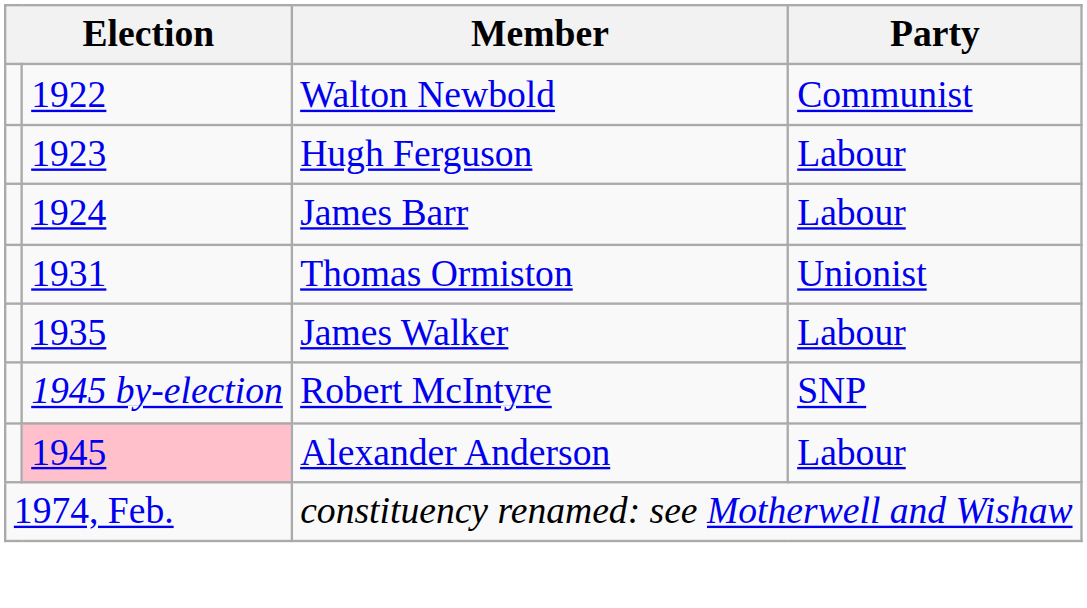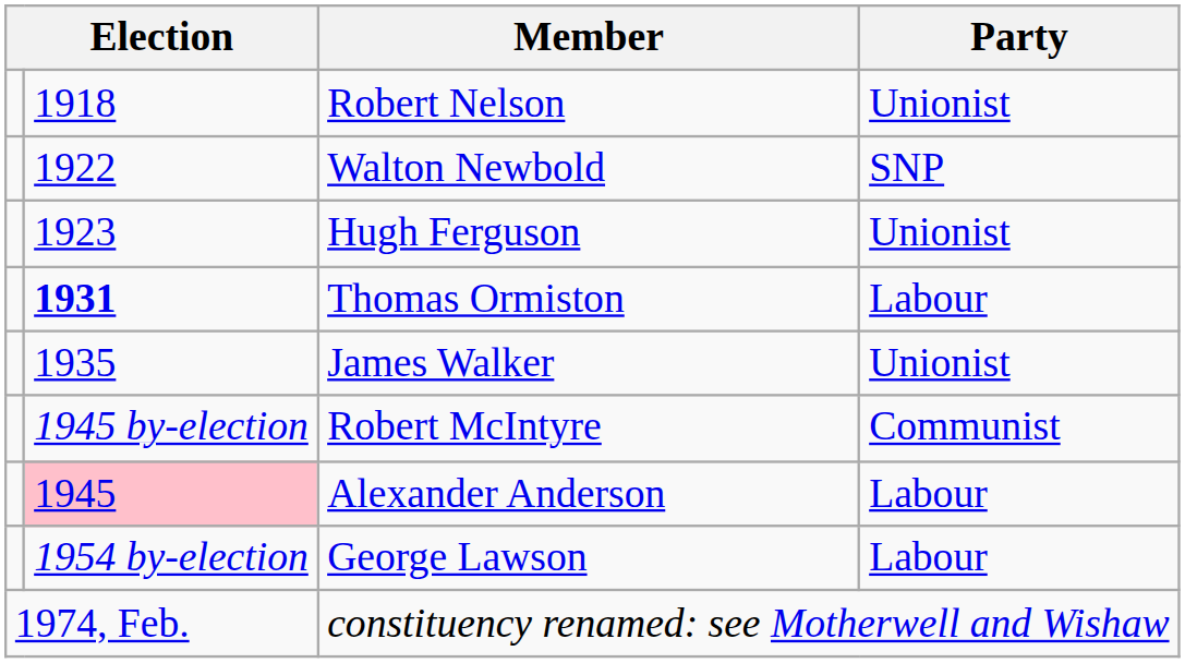 <table class="wikitable">
 <tr>
 <th colspan="2">Election</th>
 <th>Member</th>
 <th>Party</th>
 </tr>
 <tr>
 <td style="color:inherit;background-color: "></td>
+<td><a href='#'>1918</a></td>
+<td><a href='#'>Robert Nelson</a></td>
+<td><a href='#'>Unionist</a></td>
+</tr>
+<tr>
+<td style="color:inherit;background-color: "></td>
 <td><a href='#'>1922</a></td>
 <td><a href='#'>Walton Newbold</a></td>
-<td><a href='#'>Communist</a></td>
+<td><a href='#'>SNP</a></td>
 </tr>
 <tr>
 <td style="color:inherit;background-color: "></td>
 <td><a href='#'>1923</a></td>
 <td><a href='#'>Hugh Ferguson</a></td>
-<td><a href='#'>Labour</a></td>
+<td><a href='#'>Unionist</a></td>
 </tr>
 <tr>
 <td style="color:inherit;background-color: "></td>
-<td><a href='#'>1924</a></td>
-<td><a href='#'>James Barr</a></td>
+<td><strong><a href='#'>1931</a></strong></td>
+<td><a href='#'>Thomas Ormiston</a></td>
 <td><a href='#'>Labour</a></td>
-</tr>
-<tr>
-<td style="color:inherit;background-color: "></td>
-<td><a href='#'>1931</a></td>
-<td><a href='#'>Thomas Ormiston</a></td>
-<td><a href='#'>Unionist</a></td>
 </tr>
 <tr>
 <td style="color:inherit;background-color: "></td>
 <td><a href='#'>1935</a></td>
 <td><a href='#'>James Walker</a></td>
-<td><a href='#'>Labour</a></td>
+<td><a href='#'>Unionist</a></td>
 </tr>
 <tr>
 <td style="color:inherit;background-color: "></td>
 <td><em><a href='#'>1945 by-election</a></em></td>
 <td><a href='#'>Robert McIntyre</a></td>
-<td><a href='#'>SNP</a></td>
+<td><a href='#'>Communist</a></td>
 </tr>
 <tr>
 <td style="color:inherit;background-color: "></td>
 <td style="background: pink;"><a href='#'>1945</a></td>
 <td><a href='#'>Alexander Anderson</a></td>
 <td><a href='#'>Labour</a></td>
 </tr>
 <tr>
+<td style="color:inherit;background-color: "></td>
+<td><em><a href='#'>1954 by-election</a></em></td>
+<td><a href='#'>George Lawson</a></td>
+<td><a href='#'>Labour</a></td>
+</tr>
+<tr>
 <td colspan="2"><a href='#'>1974, Feb.</a></td>
 <td colspan="2"><em>constituency renamed: see <a href='#'>Motherwell and Wishaw</a></em></td>
 </tr>
 </table>
